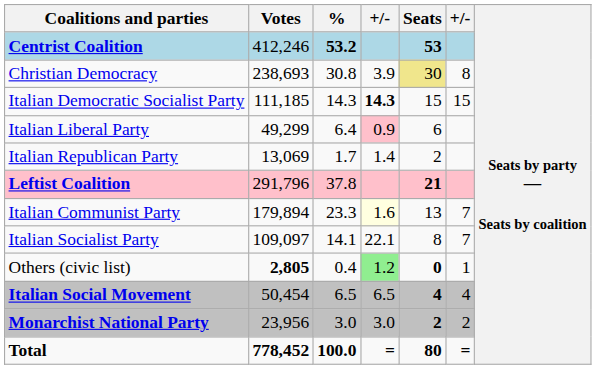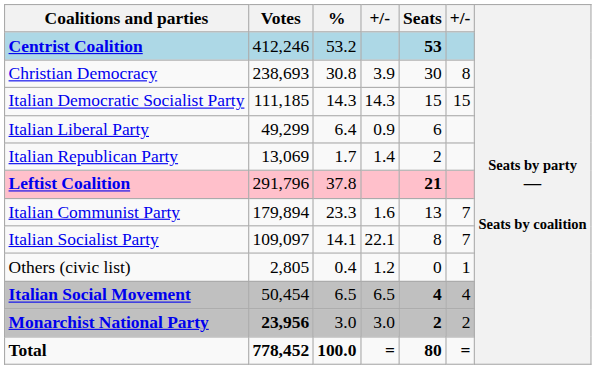 <table class="wikitable">
 <tr>
 <th>Coalitions and parties</th>
 <th>Votes</th>
 <th>%</th>
 <th>+/-</th>
 <th>Seats</th>
 <th>+/-</th>
 <th rowspan="13"><br><small>Seats by party</small><br>—<br><br><small>Seats by coalition</small></th>
 </tr>
 <tr style="background:lightblue">
 <td><strong><a href='#'>Centrist Coalition</a></strong></td>
 <td align=right>412,246</td>
-<td align=right><strong>53.2</strong></td>
+<td align=right>53.2</td>
 <td align=right></td>
 <td align=right><strong>53</strong></td>
 <td align=right></td>
 </tr>
 <tr>
 <td><a href='#'>Christian Democracy</a></td>
 <td align=right>238,693</td>
 <td align=right>30.8</td>
 <td align=right> 3.9</td>
-<td align=right style="background: khaki;">30</td>
+<td align=right>30</td>
 <td align=right> 8</td>
 </tr>
 <tr>
 <td><a href='#'>Italian Democratic Socialist Party</a></td>
 <td align=right>111,185</td>
 <td align=right>14.3</td>
-<td align=right><strong> 14.3</strong></td>
+<td align=right> 14.3</td>
 <td align=right>15</td>
 <td align=right> 15</td>
 </tr>
 <tr>
 <td><a href='#'>Italian Liberal Party</a></td>
 <td align=right>49,299</td>
 <td align=right>6.4</td>
-<td align=right style="background: pink;"> 0.9</td>
+<td align=right> 0.9</td>
 <td align=right>6</td>
 <td align=right></td>
 </tr>
 <tr>
 <td><a href='#'>Italian Republican Party</a></td>
 <td align=right>13,069</td>
 <td align=right>1.7</td>
 <td align=right> 1.4</td>
 <td align=right>2</td>
 <td align=right></td>
 </tr>
 <tr style="background:pink">
 <td><strong><a href='#'>Leftist Coalition</a></strong></td>
 <td align=right>291,796</td>
 <td align=right>37.8</td>
 <td align=right></td>
 <td align=right><strong>21</strong></td>
 <td align=right></td>
 </tr>
 <tr>
 <td><a href='#'>Italian Communist Party</a></td>
 <td align=right>179,894</td>
 <td align=right>23.3</td>
-<td align=right style="background: lightyellow;"> 1.6</td>
+<td align=right> 1.6</td>
 <td align=right>13</td>
 <td align=right> 7</td>
 </tr>
 <tr>
 <td><a href='#'>Italian Socialist Party</a></td>
 <td align=right>109,097</td>
 <td align=right>14.1</td>
 <td align=right> 22.1</td>
 <td align=right>8</td>
 <td align=right> 7</td>
 </tr>
 <tr>
 <td>Others (civic list)</td>
-<td align=right><strong>2,805</strong></td>
+<td align=right>2,805</td>
 <td align=right>0.4</td>
-<td align=right style="background: lightgreen;"> 1.2</td>
-<td align=right><strong>0</strong></td>
+<td align=right> 1.2</td>
+<td align=right>0</td>
 <td align=right> 1</td>
 </tr>
 <tr style="background:silver">
 <td><strong><a href='#'>Italian Social Movement</a></strong></td>
 <td align=right>50,454</td>
 <td align=right>6.5</td>
 <td align=right> 6.5</td>
 <td align=right><strong>4</strong></td>
 <td align=right> 4</td>
 </tr>
 <tr style="background:silver">
 <td><strong><a href='#'>Monarchist National Party</a></strong></td>
-<td align=right>23,956</td>
+<td align=right><strong>23,956</strong></td>
 <td align=right>3.0</td>
 <td align=right> 3.0</td>
 <td align=right><strong>2</strong></td>
 <td align=right> 2</td>
 </tr>
 <tr>
 <td><strong>Total</strong></td>
 <td align=right><strong>778,452</strong></td>
 <td align=right><strong>100.0</strong></td>
 <td align=right><strong>=</strong></td>
 <td align=right><strong>80</strong></td>
 <td align=right><strong>=</strong></td>
 </tr>
 </table>
